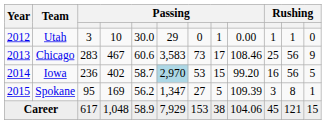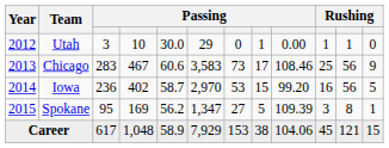 <table class="wikitable sortable" style="text-align:center">
 <tr>
 <th rowspan=2>Year</th>
 <th rowspan=2>Team</th>
 <th colspan=7>Passing</th>
 <th colspan=3>Rushing</th>
 </tr>
 <tr>
 <th></th>
 <th></th>
 <th></th>
 <th></th>
 <th></th>
 <th></th>
 <th></th>
 <th></th>
 <th></th>
 <th></th>
 </tr>
 <tr>
 <td><a href='#'>2012</a></td>
 <td><a href='#'>Utah</a></td>
 <td>3</td>
 <td>10</td>
 <td>30.0</td>
 <td>29</td>
 <td>0</td>
 <td>1</td>
 <td>0.00</td>
 <td>1</td>
 <td>1</td>
 <td>0</td>
 </tr>
 <tr>
 <td><a href='#'>2013</a></td>
 <td><a href='#'>Chicago</a></td>
 <td>283</td>
 <td>467</td>
 <td>60.6</td>
 <td>3,583</td>
 <td>73</td>
 <td>17</td>
 <td>108.46</td>
 <td>25</td>
 <td>56</td>
 <td>9</td>
 </tr>
 <tr>
 <td><a href='#'>2014</a></td>
 <td><a href='#'>Iowa</a></td>
 <td>236</td>
 <td>402</td>
 <td>58.7</td>
-<td style="background: lightblue;">2,970</td>
+<td>2,970</td>
 <td>53</td>
 <td>15</td>
 <td>99.20</td>
 <td>16</td>
 <td>56</td>
 <td>5</td>
 </tr>
 <tr>
 <td><a href='#'>2015</a></td>
 <td><a href='#'>Spokane</a></td>
 <td>95</td>
 <td>169</td>
 <td>56.2</td>
 <td>1,347</td>
 <td>27</td>
 <td>5</td>
 <td>109.39</td>
 <td>3</td>
 <td>8</td>
 <td>1</td>
 </tr>
 <tr class="sortbottom" style="background:#eee;">
 <td colspan=2><strong>Career</strong></td>
 <td>617</td>
 <td>1,048</td>
 <td>58.9</td>
 <td>7,929</td>
 <td>153</td>
 <td>38</td>
 <td>104.06</td>
 <td>45</td>
 <td>121</td>
 <td>15</td>
 </tr>
 </table>
